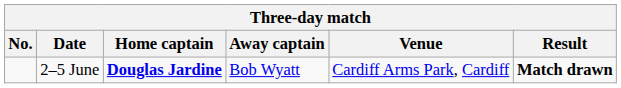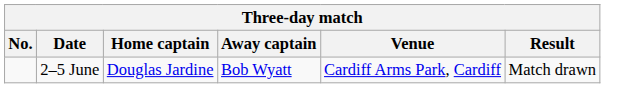 <table class="wikitable">
 <tr>
 <th colspan="9">Three-day match</th>
 </tr>
 <tr>
 <th>No.</th>
 <th>Date</th>
 <th>Home captain</th>
 <th>Away captain</th>
 <th>Venue</th>
 <th>Result</th>
 </tr>
 <tr>
 <td></td>
 <td>2–5 June</td>
-<td><strong><a href='#'>Douglas Jardine</a></strong></td>
+<td><a href='#'>Douglas Jardine</a></td>
 <td><a href='#'>Bob Wyatt</a></td>
 <td><a href='#'>Cardiff Arms Park</a>, <a href='#'>Cardiff</a></td>
-<td><strong>Match drawn</strong></td>
+<td>Match drawn</td>
 </tr>
 </table>
